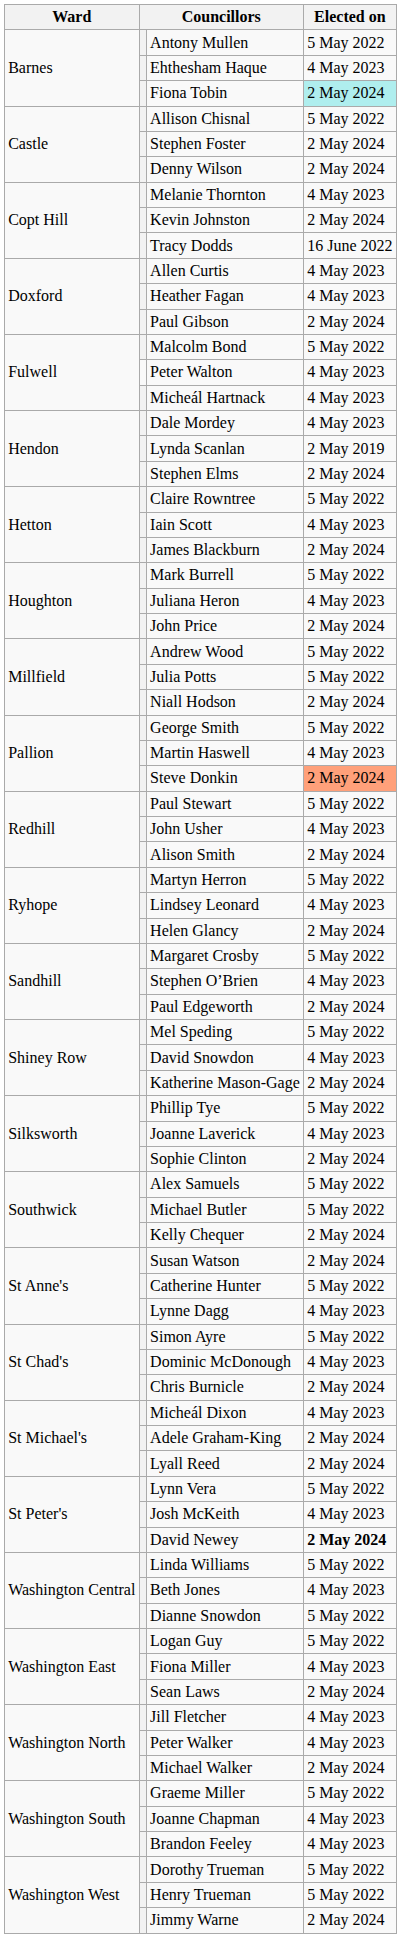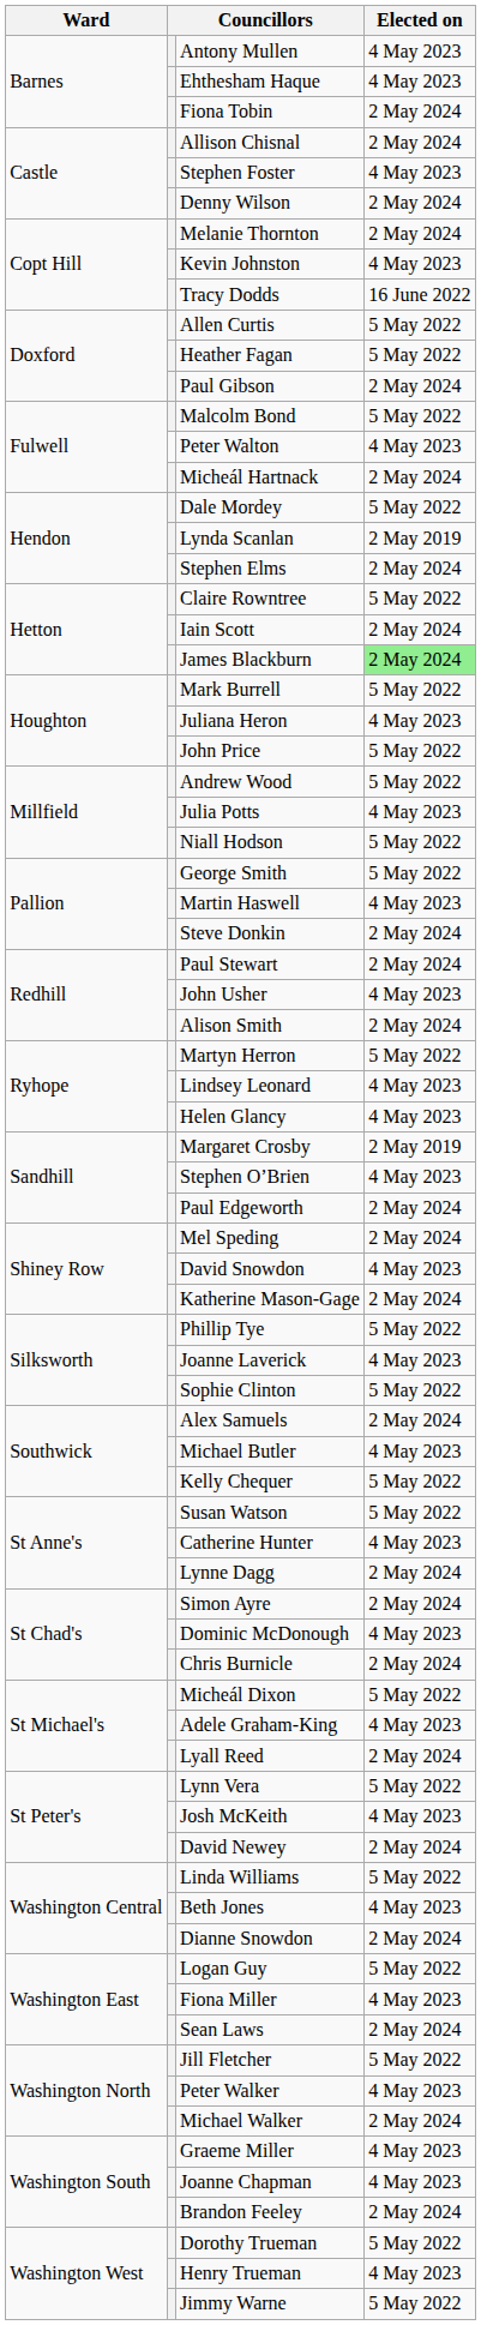 <table class="wikitable mw-collapsible">
 <tr>
 <th>Ward</th>
 <th colspan="2">Councillors</th>
 <th data-sort-type="date">Elected on</th>
 </tr>
 <tr>
 <td rowspan="3">Barnes</td>
 <th style="background-color: "></th>
 <td>Antony Mullen</td>
-<td>5 May 2022</td>
+<td>4 May 2023</td>
 </tr>
 <tr>
 <th style="background-color: "></th>
 <td>Ehthesham Haque</td>
 <td>4 May 2023</td>
 </tr>
 <tr>
 <th style="background-color: "></th>
 <td>Fiona Tobin</td>
-<td style="background: paleturquoise;">2 May 2024</td>
+<td>2 May 2024</td>
 </tr>
 <tr>
 <td rowspan="3">Castle</td>
 <th style="background-color: "></th>
 <td>Allison Chisnal</td>
-<td>5 May 2022</td>
+<td>2 May 2024</td>
 </tr>
 <tr>
 <th style="background-color: "></th>
 <td>Stephen Foster</td>
-<td>2 May 2024</td>
+<td>4 May 2023</td>
 </tr>
 <tr>
 <th style="background-color: "></th>
 <td>Denny Wilson</td>
 <td>2 May 2024</td>
 </tr>
 <tr>
 <td rowspan="3">Copt Hill</td>
 <th style="background-color: "></th>
 <td>Melanie Thornton</td>
-<td>4 May 2023</td>
+<td>2 May 2024</td>
 </tr>
 <tr>
 <th style="background-color: "></th>
 <td>Kevin Johnston</td>
-<td>2 May 2024</td>
+<td>4 May 2023</td>
 </tr>
 <tr>
 <th style="background-color: "></th>
 <td>Tracy Dodds</td>
 <td>16 June 2022</td>
 </tr>
 <tr>
 <td rowspan="3">Doxford</td>
 <th style="background-color: "></th>
 <td>Allen Curtis</td>
-<td>4 May 2023</td>
+<td>5 May 2022</td>
 </tr>
 <tr>
 <th style="background-color: "></th>
 <td>Heather Fagan</td>
-<td>4 May 2023</td>
+<td>5 May 2022</td>
 </tr>
 <tr>
 <th style="background-color: "></th>
 <td>Paul Gibson</td>
 <td>2 May 2024</td>
 </tr>
 <tr>
 <td rowspan="3">Fulwell</td>
 <th style="background-color: "></th>
 <td>Malcolm Bond</td>
 <td>5 May 2022</td>
 </tr>
 <tr>
 <td ! style="background-color: "></td>
 <td>Peter Walton</td>
 <td>4 May 2023</td>
 </tr>
 <tr>
 <th style="background-color: "></th>
 <td>Micheál Hartnack</td>
-<td>4 May 2023</td>
+<td>2 May 2024</td>
 </tr>
 <tr>
 <td rowspan="3">Hendon</td>
 <th style="background-color: "></th>
 <td>Dale Mordey</td>
-<td>4 May 2023</td>
+<td>5 May 2022</td>
 </tr>
 <tr>
 <th style="background-color: "></th>
 <td>Lynda Scanlan</td>
 <td>2 May 2019</td>
 </tr>
 <tr>
 <th style="background-color: "></th>
 <td>Stephen Elms</td>
 <td>2 May 2024</td>
 </tr>
 <tr>
 <td rowspan="3">Hetton</td>
 <th style="background-color: "></th>
 <td>Claire Rowntree</td>
 <td>5 May 2022</td>
 </tr>
 <tr>
 <th style="background-color: "></th>
 <td>Iain Scott</td>
-<td>4 May 2023</td>
+<td>2 May 2024</td>
 </tr>
 <tr>
 <th style="background-color: "></th>
 <td>James Blackburn</td>
-<td>2 May 2024</td>
+<td style="background: lightgreen;">2 May 2024</td>
 </tr>
 <tr>
 <td rowspan="3">Houghton</td>
 <th style="background-color: "></th>
 <td>Mark Burrell</td>
 <td>5 May 2022</td>
 </tr>
 <tr>
 <th style="background-color: "></th>
 <td>Juliana Heron</td>
 <td>4 May 2023</td>
 </tr>
 <tr>
 <th style="background-color: "></th>
 <td>John Price</td>
-<td>2 May 2024</td>
+<td>5 May 2022</td>
 </tr>
 <tr>
 <td rowspan="3">Millfield</td>
 <th style="background-color: "></th>
 <td>Andrew Wood</td>
 <td>5 May 2022</td>
 </tr>
 <tr>
 <th style="background-color: "></th>
 <td>Julia Potts</td>
-<td>5 May 2022</td>
+<td>4 May 2023</td>
 </tr>
 <tr>
 <th style="background-color: "></th>
 <td>Niall Hodson</td>
-<td>2 May 2024</td>
+<td>5 May 2022</td>
 </tr>
 <tr>
 <td rowspan="3">Pallion</td>
 <th style="background-color: "></th>
 <td>George Smith</td>
 <td>5 May 2022</td>
 </tr>
 <tr>
 <th style="background-color: "></th>
 <td>Martin Haswell</td>
 <td>4 May 2023</td>
 </tr>
 <tr>
 <th style="background-color: "></th>
 <td>Steve Donkin</td>
-<td style="background: lightsalmon;">2 May 2024</td>
+<td>2 May 2024</td>
 </tr>
 <tr>
 <td rowspan="3">Redhill</td>
 <th style="background-color: "></th>
 <td>Paul Stewart</td>
-<td>5 May 2022</td>
+<td>2 May 2024</td>
 </tr>
 <tr>
 <th style="background-color: "></th>
 <td>John Usher</td>
 <td>4 May 2023</td>
 </tr>
 <tr>
 <th style="background-color: "></th>
 <td>Alison Smith</td>
 <td>2 May 2024</td>
 </tr>
 <tr>
 <td rowspan="3">Ryhope</td>
 <th style="background-color: "></th>
 <td>Martyn Herron</td>
 <td>5 May 2022</td>
 </tr>
 <tr>
 <th style="background-color: "></th>
 <td>Lindsey Leonard</td>
 <td>4 May 2023</td>
 </tr>
 <tr>
 <th style="background-color: "></th>
 <td>Helen Glancy</td>
-<td>2 May 2024</td>
+<td>4 May 2023</td>
 </tr>
 <tr>
 <td rowspan="3">Sandhill</td>
 <th style="background-color: "></th>
 <td>Margaret Crosby</td>
-<td>5 May 2022</td>
+<td>2 May 2019</td>
 </tr>
 <tr>
 <th style="background-color: "></th>
 <td>Stephen O’Brien</td>
 <td>4 May 2023</td>
 </tr>
 <tr>
 <th style="background-color: "></th>
 <td>Paul Edgeworth</td>
 <td>2 May 2024</td>
 </tr>
 <tr>
 <td rowspan="3">Shiney Row</td>
 <th style="background-color: "></th>
 <td>Mel Speding</td>
-<td>5 May 2022</td>
+<td>2 May 2024</td>
 </tr>
 <tr>
 <th style="background-color: "></th>
 <td>David Snowdon</td>
 <td>4 May 2023</td>
 </tr>
 <tr>
 <th style="background-color: "></th>
 <td>Katherine Mason-Gage</td>
 <td>2 May 2024</td>
 </tr>
 <tr>
 <td rowspan="3">Silksworth</td>
 <th style="background-color: "></th>
 <td>Phillip Tye</td>
 <td>5 May 2022</td>
 </tr>
 <tr>
 <th style="background-color: "></th>
 <td>Joanne Laverick</td>
 <td>4 May 2023</td>
 </tr>
 <tr>
 <th style="background-color: "></th>
 <td>Sophie Clinton</td>
-<td>2 May 2024</td>
+<td>5 May 2022</td>
 </tr>
 <tr>
 <td rowspan="3">Southwick</td>
 <th style="background-color: "></th>
 <td>Alex Samuels</td>
-<td>5 May 2022</td>
+<td>2 May 2024</td>
 </tr>
 <tr>
 <th style="background-color: "></th>
 <td>Michael Butler</td>
-<td>5 May 2022</td>
+<td>4 May 2023</td>
 </tr>
 <tr>
 <th style="background-color: "></th>
 <td>Kelly Chequer</td>
-<td>2 May 2024</td>
+<td>5 May 2022</td>
 </tr>
 <tr>
 <td rowspan="3">St Anne's</td>
 <th style="background-color: "></th>
 <td>Susan Watson</td>
-<td>2 May 2024</td>
+<td>5 May 2022</td>
 </tr>
 <tr>
 <th style="background-color: "></th>
 <td>Catherine Hunter</td>
-<td>5 May 2022</td>
+<td>4 May 2023</td>
 </tr>
 <tr>
 <th style="background-color: "></th>
 <td>Lynne Dagg</td>
-<td>4 May 2023</td>
+<td>2 May 2024</td>
 </tr>
 <tr>
 <td rowspan="3">St Chad's</td>
 <th style="background-color: "></th>
 <td>Simon Ayre</td>
-<td>5 May 2022</td>
+<td>2 May 2024</td>
 </tr>
 <tr>
 <th style="background-color: "></th>
 <td>Dominic McDonough</td>
 <td>4 May 2023</td>
 </tr>
 <tr>
 <th style="background-color: "></th>
 <td>Chris Burnicle</td>
 <td>2 May 2024</td>
 </tr>
 <tr>
 <td rowspan="3">St Michael's</td>
 <th style="background-color: "></th>
 <td>Micheál Dixon</td>
-<td>4 May 2023</td>
+<td>5 May 2022</td>
 </tr>
 <tr>
 <th style="background-color: "></th>
 <td>Adele Graham-King</td>
-<td>2 May 2024</td>
+<td>4 May 2023</td>
 </tr>
 <tr>
 <th style="background-color: "></th>
 <td>Lyall Reed</td>
 <td>2 May 2024</td>
 </tr>
 <tr>
 <td rowspan="3">St Peter's</td>
 <th style="background-color: "></th>
 <td>Lynn Vera</td>
 <td>5 May 2022</td>
 </tr>
 <tr>
 <th style="background-color: "></th>
 <td>Josh McKeith</td>
 <td>4 May 2023</td>
 </tr>
 <tr>
 <th style="background-color: "></th>
 <td>David Newey</td>
-<td><strong>2 May 2024</strong></td>
+<td>2 May 2024</td>
 </tr>
 <tr>
 <td rowspan="3">Washington Central</td>
 <th style="background-color: "></th>
 <td>Linda Williams</td>
 <td>5 May 2022</td>
 </tr>
 <tr>
 <th style="background-color: "></th>
 <td>Beth Jones</td>
 <td>4 May 2023</td>
 </tr>
 <tr>
 <th style="background-color: "></th>
 <td>Dianne Snowdon</td>
-<td>5 May 2022</td>
+<td>2 May 2024</td>
 </tr>
 <tr>
 <td rowspan="3">Washington East</td>
 <th style="background-color: "></th>
 <td>Logan Guy</td>
 <td>5 May 2022</td>
 </tr>
 <tr>
 <th style="background-color: "></th>
 <td>Fiona Miller</td>
 <td>4 May 2023</td>
 </tr>
 <tr>
 <th style="background-color: "></th>
 <td>Sean Laws</td>
 <td>2 May 2024</td>
 </tr>
 <tr>
 <td rowspan="3">Washington North</td>
 <th style="background-color: "></th>
 <td>Jill Fletcher</td>
-<td>4 May 2023</td>
+<td>5 May 2022</td>
 </tr>
 <tr>
 <th style="background-color: "></th>
 <td>Peter Walker</td>
 <td>4 May 2023</td>
 </tr>
 <tr>
 <th style="background-color: "></th>
 <td>Michael Walker</td>
 <td>2 May 2024</td>
 </tr>
 <tr>
 <td rowspan="3">Washington South</td>
 <th style="background-color: "></th>
 <td>Graeme Miller</td>
-<td>5 May 2022</td>
+<td>4 May 2023</td>
 </tr>
 <tr>
 <th style="background-color: "></th>
 <td>Joanne Chapman</td>
 <td>4 May 2023</td>
 </tr>
 <tr>
 <th style="background-color: "></th>
 <td>Brandon Feeley</td>
-<td>4 May 2023</td>
+<td>2 May 2024</td>
 </tr>
 <tr>
 <td rowspan="3">Washington West</td>
 <th style="background-color: "></th>
 <td>Dorothy Trueman</td>
 <td>5 May 2022</td>
 </tr>
 <tr>
 <th style="background-color: "></th>
 <td>Henry Trueman</td>
-<td>5 May 2022</td>
+<td>4 May 2023</td>
 </tr>
 <tr>
 <th style="background-color: "></th>
 <td>Jimmy Warne</td>
-<td>2 May 2024</td>
+<td>5 May 2022</td>
 </tr>
 </table>
